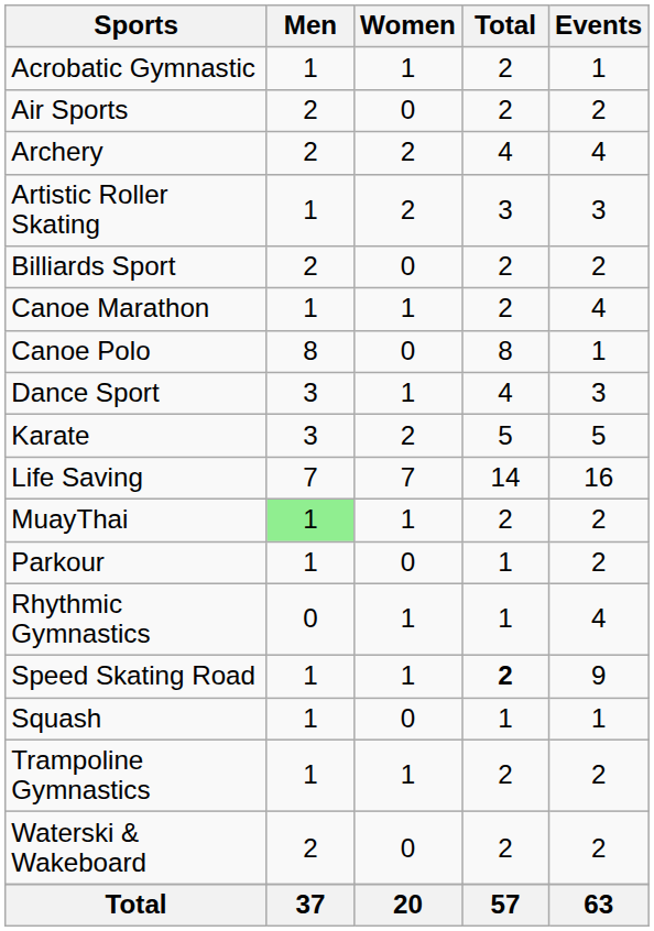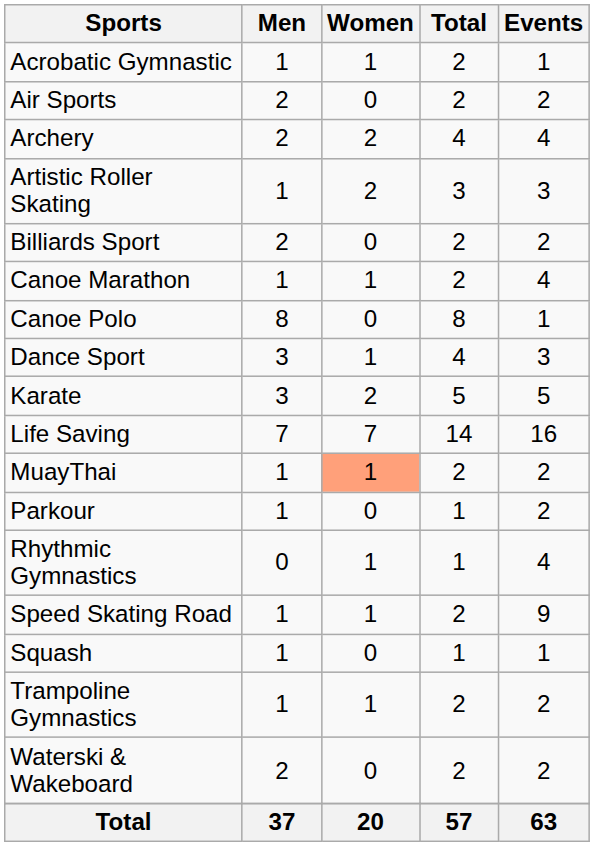 <table class="wikitable sortable" style="text-align:center;">
 <tr>
 <th width=150>Sports</th>
 <th width=45>Men</th>
 <th width=45>Women</th>
 <th width=45>Total</th>
 <th width=45>Events</th>
 </tr>
 <tr>
 <td align=left>Acrobatic Gymnastic</td>
 <td>1</td>
 <td>1</td>
 <td>2</td>
 <td>1</td>
 </tr>
 <tr>
 <td align=left>Air Sports</td>
 <td>2</td>
 <td>0</td>
 <td>2</td>
 <td>2</td>
 </tr>
 <tr>
 <td align=left>Archery</td>
 <td>2</td>
 <td>2</td>
 <td>4</td>
 <td>4</td>
 </tr>
 <tr>
 <td align=left>Artistic Roller Skating</td>
 <td>1</td>
 <td>2</td>
 <td>3</td>
 <td>3</td>
 </tr>
 <tr>
 <td align=left>Billiards Sport</td>
 <td>2</td>
 <td>0</td>
 <td>2</td>
 <td>2</td>
 </tr>
 <tr>
 <td align=left>Canoe Marathon</td>
 <td>1</td>
 <td>1</td>
 <td>2</td>
 <td>4</td>
 </tr>
 <tr>
 <td align=left>Canoe Polo</td>
 <td>8</td>
 <td>0</td>
 <td>8</td>
 <td>1</td>
 </tr>
 <tr>
 <td align=left>Dance Sport</td>
 <td>3</td>
 <td>1</td>
 <td>4</td>
 <td>3</td>
 </tr>
 <tr>
 <td align=left>Karate</td>
 <td>3</td>
 <td>2</td>
 <td>5</td>
 <td>5</td>
 </tr>
 <tr>
 <td align=left>Life Saving</td>
 <td>7</td>
 <td>7</td>
 <td>14</td>
 <td>16</td>
 </tr>
 <tr>
 <td align=left>MuayThai</td>
-<td style="background: lightgreen;">1</td>
 <td>1</td>
+<td style="background: lightsalmon;">1</td>
 <td>2</td>
 <td>2</td>
 </tr>
 <tr>
 <td align=left>Parkour</td>
 <td>1</td>
 <td>0</td>
 <td>1</td>
 <td>2</td>
 </tr>
 <tr>
 <td align=left>Rhythmic Gymnastics</td>
 <td>0</td>
 <td>1</td>
 <td>1</td>
 <td>4</td>
 </tr>
 <tr>
 <td align=left>Speed Skating Road</td>
 <td>1</td>
 <td>1</td>
-<td><strong>2</strong></td>
+<td>2</td>
 <td>9</td>
 </tr>
 <tr>
 <td align=left>Squash</td>
 <td>1</td>
 <td>0</td>
 <td>1</td>
 <td>1</td>
 </tr>
 <tr>
 <td align=left>Trampoline Gymnastics</td>
 <td>1</td>
 <td>1</td>
 <td>2</td>
 <td>2</td>
 </tr>
 <tr>
 <td align=left>Waterski & Wakeboard</td>
 <td>2</td>
 <td>0</td>
 <td>2</td>
 <td>2</td>
 </tr>
 <tr>
 </tr>
 <tr class="sortbottom">
 <th>Total</th>
 <th>37</th>
 <th>20</th>
 <th>57</th>
 <th>63</th>
 </tr>
 </table>
